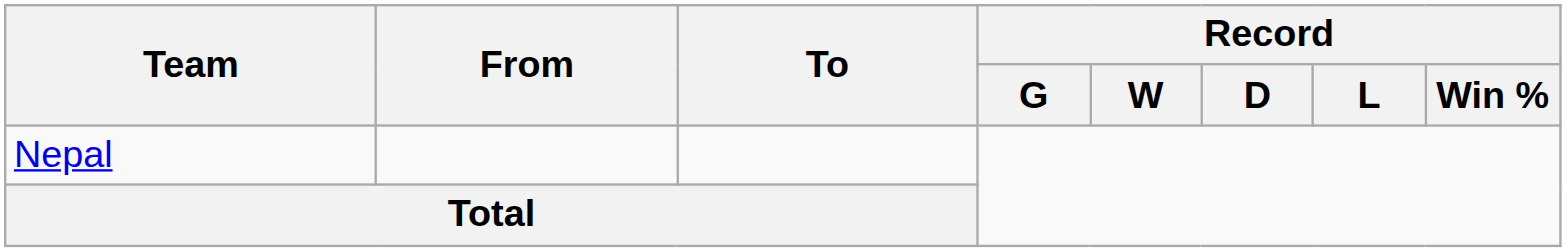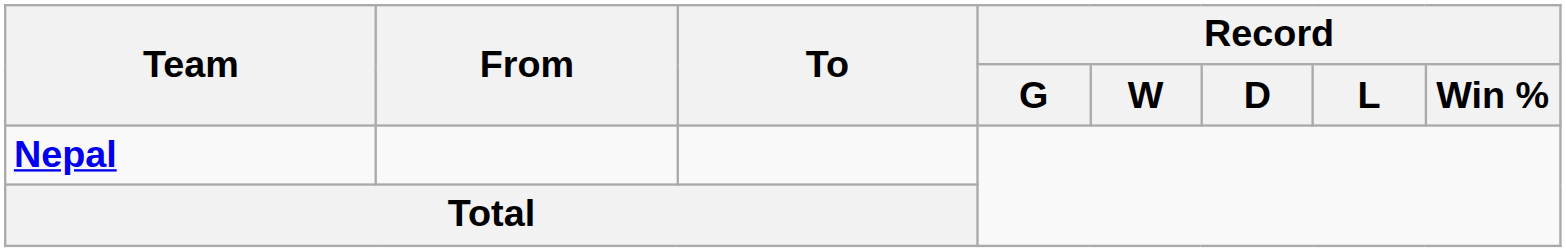 <table class="wikitable" style="text-align: center">
 <tr>
 <th rowspan=2! width=150>Team</th>
 <th rowspan=2! width=120>From</th>
 <th rowspan=2! width=120>To</th>
 <th colspan=7>Record</th>
 </tr>
 <tr>
 <th width=40>G</th>
 <th width=40>W</th>
 <th width=40>D</th>
 <th width=40>L</th>
 <th width=50>Win %</th>
 </tr>
 <tr>
-<td align=left> <a href='#'>Nepal</a></td>
+<td align=left><strong> <a href='#'>Nepal</a></strong></td>
 <td align=left></td>
 <td align=left><br></td>
 </tr>
 <tr>
 <th colspan="3">Total<br></th>
 </tr>
 </table>
